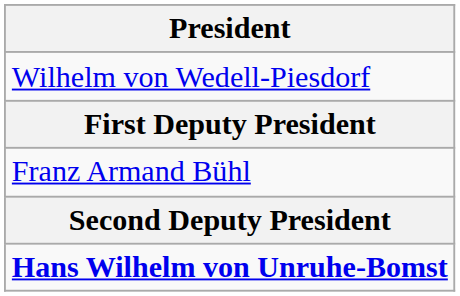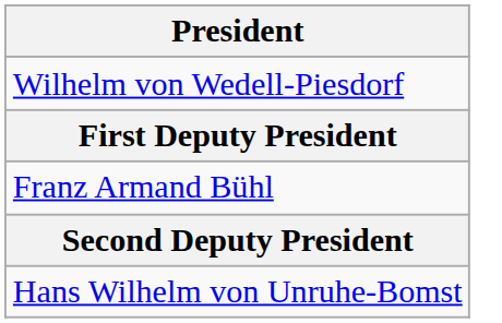 <table class="wikitable">
 <tr>
 <th>President</th>
 </tr>
 <tr>
 <td><a href='#'>Wilhelm von Wedell-Piesdorf</a></td>
 </tr>
 <tr>
 <th>First Deputy President</th>
 </tr>
 <tr>
 <td><a href='#'>Franz Armand Bühl</a></td>
 </tr>
 <tr>
 <th>Second Deputy President</th>
 </tr>
 <tr>
-<td><strong><a href='#'>Hans Wilhelm von Unruhe-Bomst</a></strong></td>
+<td><a href='#'>Hans Wilhelm von Unruhe-Bomst</a></td>
 </tr>
 </table>
